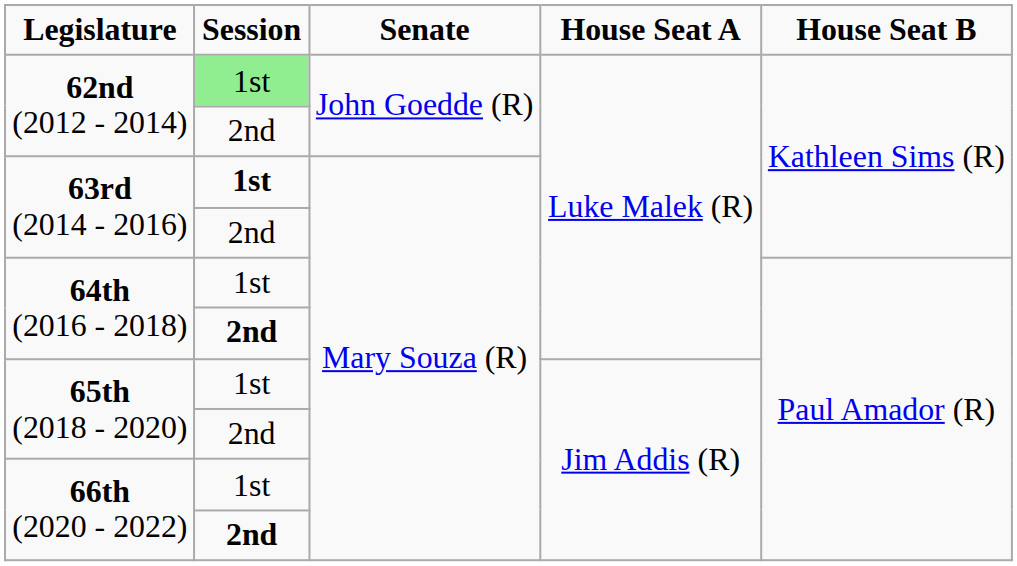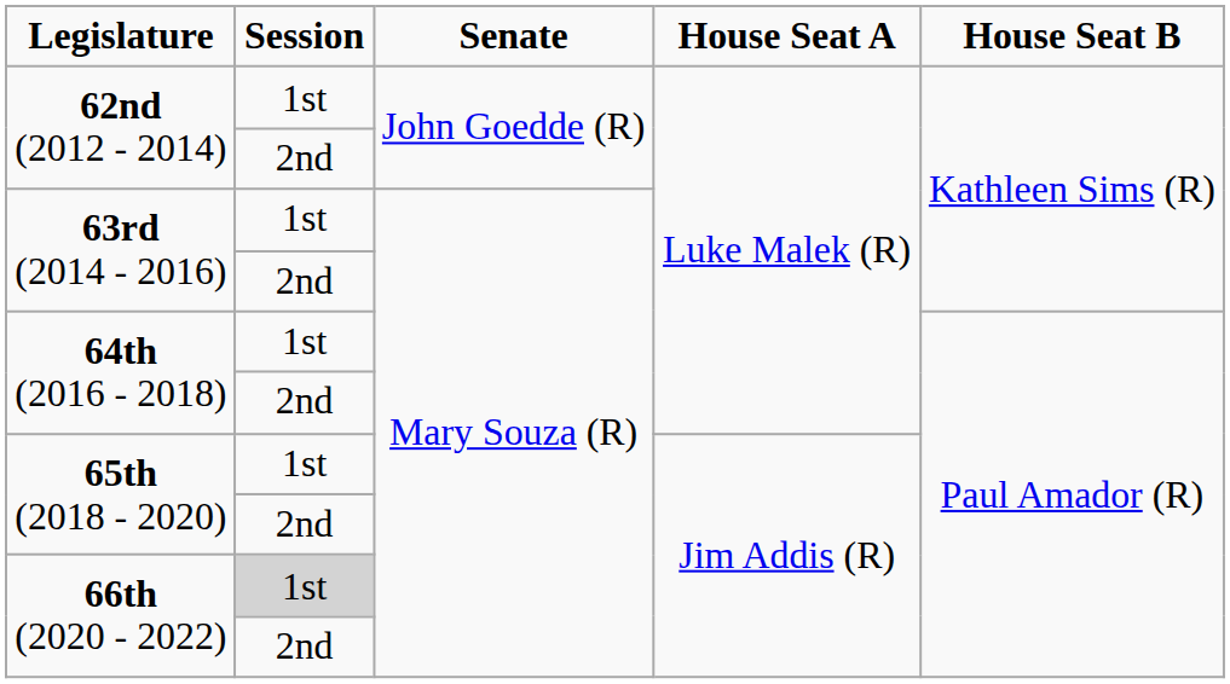 <table class=wikitable style="text-align:center">
 <tr>
 <td><strong>Legislature</strong></td>
 <td><strong>Session</strong></td>
 <td><strong>Senate</strong></td>
 <td><strong>House Seat A</strong></td>
 <td><strong>House Seat B</strong></td>
 </tr>
 <tr>
 <td rowspan="2" colspan="1" style="text-align: center;"><strong>62nd</strong> <br> (2012 - 2014)</td>
-<td style="background: lightgreen;">1st</td>
+<td>1st</td>
 <td rowspan="2" colspan="1" style="text-align: center;" ><a href='#'>John Goedde</a> (R)</td>
 <td rowspan="6" colspan="1" style="text-align: center;" ><a href='#'>Luke Malek</a> (R)</td>
 <td rowspan="4" colspan="1" style="text-align: center;" ><a href='#'>Kathleen Sims</a> (R)</td>
 </tr>
 <tr>
 <td>2nd</td>
 </tr>
 <tr>
 <td rowspan="2" colspan="1" style="text-align: center;"><strong>63rd</strong> <br> (2014 - 2016)</td>
-<td><strong>1st</strong></td>
+<td>1st</td>
 <td rowspan="8" colspan="1" style="text-align: center;" ><a href='#'>Mary Souza</a> (R)</td>
 </tr>
 <tr>
 <td>2nd</td>
 </tr>
 <tr>
 <td rowspan="2" colspan="1" style="text-align: center;"><strong>64th</strong> <br> (2016 - 2018)</td>
 <td>1st</td>
 <td rowspan="6" colspan="1" style="text-align: center;" ><a href='#'>Paul Amador</a> (R)</td>
 </tr>
 <tr>
-<td><strong>2nd</strong></td>
+<td>2nd</td>
 </tr>
 <tr>
 <td rowspan="2" colspan="1" style="text-align: center;"><strong>65th</strong> <br> (2018 - 2020)</td>
 <td>1st</td>
 <td rowspan="4" colspan="1" style="text-align: center;" ><a href='#'>Jim Addis</a> (R)</td>
 </tr>
 <tr>
 <td>2nd</td>
 </tr>
 <tr>
 <td rowspan="2" colspan="1" style="text-align: center;"><strong>66th</strong> <br> (2020 - 2022)</td>
-<td>1st</td>
+<td style="background: lightgrey;">1st</td>
 </tr>
 <tr>
-<td><strong>2nd</strong></td>
+<td>2nd</td>
 </tr>
 </table>
